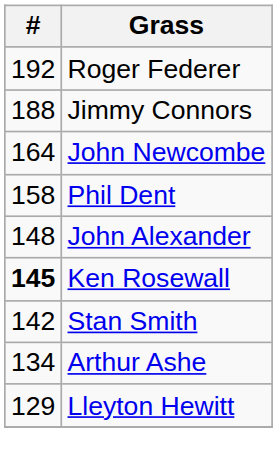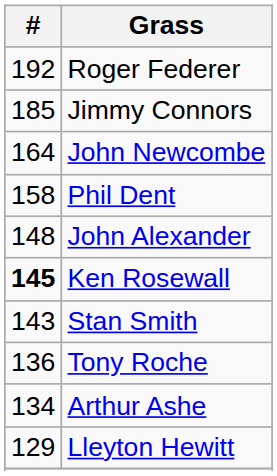 <table class="wikitable" style="display:inline-table;">
 <tr>
 <th width=20>#</th>
 <th>Grass</th>
 </tr>
 <tr>
 <td>192</td>
 <td> Roger Federer</td>
 </tr>
 <tr>
-<td>188</td>
+<td>185</td>
 <td> Jimmy Connors</td>
 </tr>
 <tr>
 <td>164</td>
 <td> <a href='#'>John Newcombe</a></td>
 </tr>
 <tr>
 <td>158</td>
 <td> <a href='#'>Phil Dent</a></td>
 </tr>
 <tr>
 <td>148</td>
 <td> <a href='#'>John Alexander</a></td>
 </tr>
 <tr>
 <td><strong>145</strong></td>
 <td> <a href='#'>Ken Rosewall</a></td>
 </tr>
 <tr>
-<td>142</td>
+<td>143</td>
 <td> <a href='#'>Stan Smith</a></td>
+</tr>
+<tr>
+<td>136</td>
+<td> <a href='#'>Tony Roche</a></td>
 </tr>
 <tr>
 <td>134</td>
 <td> <a href='#'>Arthur Ashe</a></td>
 </tr>
 <tr>
 <td>129</td>
 <td> <a href='#'>Lleyton Hewitt</a></td>
 </tr>
 <tr>
 </tr>
 <tr>
 </tr>
 </table>
